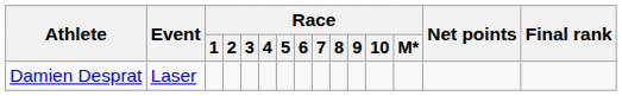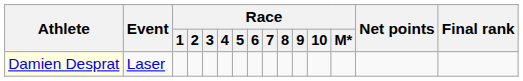 <table class="wikitable" style="font-size:90%">
 <tr>
 <th rowspan="2">Athlete</th>
 <th rowspan="2">Event</th>
 <th colspan=11>Race</th>
 <th rowspan=2>Net points</th>
 <th rowspan=2>Final rank</th>
 </tr>
 <tr style="font-size:95%">
 <th>1</th>
 <th>2</th>
 <th>3</th>
 <th>4</th>
 <th>5</th>
 <th>6</th>
 <th>7</th>
 <th>8</th>
 <th>9</th>
 <th>10</th>
 <th>M*</th>
 </tr>
 <tr align=center>
-<td align=left><a href='#'>Damien Desprat</a></td>
+<td align=left style="background: lightyellow;"><a href='#'>Damien Desprat</a></td>
 <td align=left rowspan=2><a href='#'>Laser</a></td>
 <td></td>
 <td></td>
 <td></td>
 <td></td>
 <td></td>
 <td></td>
 <td></td>
 <td></td>
 <td></td>
 <td></td>
 <td></td>
 <td></td>
 <td></td>
 </tr>
 </table>
